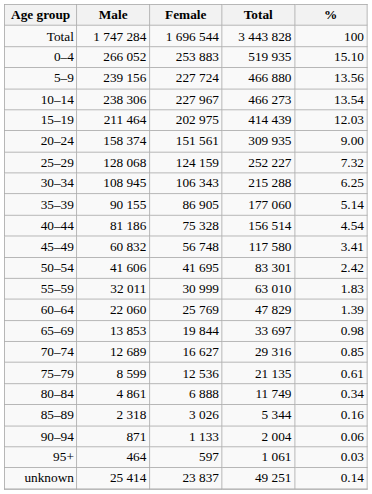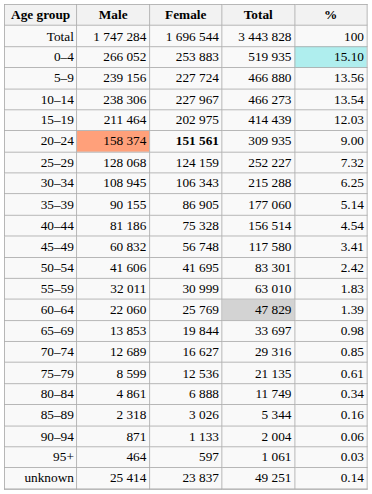 <table class="wikitable">
 <tr>
 <th width="80pt">Age group</th>
 <th width="80pt">Male</th>
 <th width="80pt">Female</th>
 <th width="80pt">Total</th>
 <th width="80pt">%</th>
 </tr>
 <tr>
 <td style="text-align:right">Total</td>
 <td style="text-align:right">1 747 284</td>
 <td style="text-align:right">1 696 544</td>
 <td style="text-align:right">3 443 828</td>
 <td style="text-align:right">100</td>
 </tr>
 <tr>
 <td style="text-align:right">0–4</td>
 <td style="text-align:right">266 052</td>
 <td style="text-align:right">253 883</td>
 <td style="text-align:right">519 935</td>
-<td style="text-align:right">15.10</td>
+<td style="background: paleturquoise; text-align:right">15.10</td>
 </tr>
 <tr>
 <td style="text-align:right">5–9</td>
 <td style="text-align:right">239 156</td>
 <td style="text-align:right">227 724</td>
 <td style="text-align:right">466 880</td>
 <td style="text-align:right">13.56</td>
 </tr>
 <tr>
 <td style="text-align:right">10–14</td>
 <td style="text-align:right">238 306</td>
 <td style="text-align:right">227 967</td>
 <td style="text-align:right">466 273</td>
 <td style="text-align:right">13.54</td>
 </tr>
 <tr>
 <td style="text-align:right">15–19</td>
 <td style="text-align:right">211 464</td>
 <td style="text-align:right">202 975</td>
 <td style="text-align:right">414 439</td>
 <td style="text-align:right">12.03</td>
 </tr>
 <tr>
 <td style="text-align:right">20–24</td>
-<td style="text-align:right">158 374</td>
-<td style="text-align:right">151 561</td>
+<td style="background: lightsalmon; text-align:right">158 374</td>
+<td style="text-align:right"><strong>151 561</strong></td>
 <td style="text-align:right">309 935</td>
 <td style="text-align:right">9.00</td>
 </tr>
 <tr>
 <td style="text-align:right">25–29</td>
 <td style="text-align:right">128 068</td>
 <td style="text-align:right">124 159</td>
 <td style="text-align:right">252 227</td>
 <td style="text-align:right">7.32</td>
 </tr>
 <tr>
 <td style="text-align:right">30–34</td>
 <td style="text-align:right">108 945</td>
 <td style="text-align:right">106 343</td>
 <td style="text-align:right">215 288</td>
 <td style="text-align:right">6.25</td>
 </tr>
 <tr>
 <td style="text-align:right">35–39</td>
 <td style="text-align:right">90 155</td>
 <td style="text-align:right">86 905</td>
 <td style="text-align:right">177 060</td>
 <td style="text-align:right">5.14</td>
 </tr>
 <tr>
 <td style="text-align:right">40–44</td>
 <td style="text-align:right">81 186</td>
 <td style="text-align:right">75 328</td>
 <td style="text-align:right">156 514</td>
 <td style="text-align:right">4.54</td>
 </tr>
 <tr>
 <td style="text-align:right">45–49</td>
 <td style="text-align:right">60 832</td>
 <td style="text-align:right">56 748</td>
 <td style="text-align:right">117 580</td>
 <td style="text-align:right">3.41</td>
 </tr>
 <tr>
 <td style="text-align:right">50–54</td>
 <td style="text-align:right">41 606</td>
 <td style="text-align:right">41 695</td>
 <td style="text-align:right">83 301</td>
 <td style="text-align:right">2.42</td>
 </tr>
 <tr>
 <td style="text-align:right">55–59</td>
 <td style="text-align:right">32 011</td>
 <td style="text-align:right">30 999</td>
 <td style="text-align:right">63 010</td>
 <td style="text-align:right">1.83</td>
 </tr>
 <tr>
 <td style="text-align:right">60–64</td>
 <td style="text-align:right">22 060</td>
 <td style="text-align:right">25 769</td>
-<td style="text-align:right">47 829</td>
+<td style="background: lightgrey; text-align:right">47 829</td>
 <td style="text-align:right">1.39</td>
 </tr>
 <tr>
 <td style="text-align:right">65–69</td>
 <td style="text-align:right">13 853</td>
 <td style="text-align:right">19 844</td>
 <td style="text-align:right">33 697</td>
 <td style="text-align:right">0.98</td>
 </tr>
 <tr>
 <td style="text-align:right">70–74</td>
 <td style="text-align:right">12 689</td>
 <td style="text-align:right">16 627</td>
 <td style="text-align:right">29 316</td>
 <td style="text-align:right">0.85</td>
 </tr>
 <tr>
 <td style="text-align:right">75–79</td>
 <td style="text-align:right">8 599</td>
 <td style="text-align:right">12 536</td>
 <td style="text-align:right">21 135</td>
 <td style="text-align:right">0.61</td>
 </tr>
 <tr>
 <td style="text-align:right">80–84</td>
 <td style="text-align:right">4 861</td>
 <td style="text-align:right">6 888</td>
 <td style="text-align:right">11 749</td>
 <td style="text-align:right">0.34</td>
 </tr>
 <tr>
 <td style="text-align:right">85–89</td>
 <td style="text-align:right">2 318</td>
 <td style="text-align:right">3 026</td>
 <td style="text-align:right">5 344</td>
 <td style="text-align:right">0.16</td>
 </tr>
 <tr>
 <td style="text-align:right">90–94</td>
 <td style="text-align:right">871</td>
 <td style="text-align:right">1 133</td>
 <td style="text-align:right">2 004</td>
 <td style="text-align:right">0.06</td>
 </tr>
 <tr>
 <td style="text-align:right">95+</td>
 <td style="text-align:right">464</td>
 <td style="text-align:right">597</td>
 <td style="text-align:right">1 061</td>
 <td style="text-align:right">0.03</td>
 </tr>
 <tr>
 <td style="text-align:right">unknown</td>
 <td style="text-align:right">25 414</td>
 <td style="text-align:right">23 837</td>
 <td style="text-align:right">49 251</td>
 <td style="text-align:right">0.14</td>
 </tr>
 <tr>
 </tr>
 </table>
